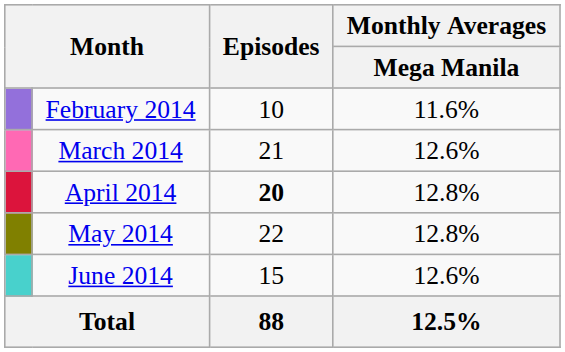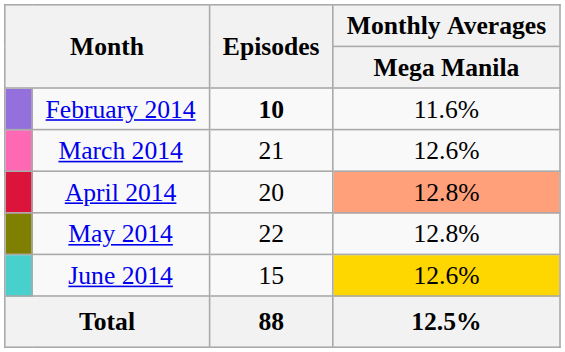 <table class="wikitable plainrowheaders" style="text-align: center; line-height:25px">
 <tr class="wikitable" style="text-align: center;">
 <th colspan="2" rowspan="2" style="padding: 0 8px;">Month</th>
 <th rowspan="2" style="padding: 0 8px;">Episodes</th>
 <th colspan="2" style="padding: 0 8px;">Monthly Averages</th>
 </tr>
 <tr>
 <th style="padding: 0 8px;">Mega Manila</th>
 </tr>
 <tr>
 <td style="padding: 0 8px; background:#9370DB;"></td>
 <td style="padding: 0 8px;" '><a href='#'>February 2014</a></td>
-<td style="padding: 0 8px;">10</td>
+<td style="padding: 0 8px;"><strong>10</strong></td>
 <td style="padding: 0 8px;">11.6%</td>
 </tr>
 <tr>
 <td style="padding: 0 8px; background:#FF69B4;"></td>
 <td style="padding: 0 8px;" '><a href='#'>March 2014</a></td>
 <td style="padding: 0 8px;">21</td>
 <td style="padding: 0 8px;">12.6%</td>
 </tr>
 <tr>
 <td style="padding: 0 8px; background:#DC143C;"></td>
 <td style="padding: 0 8px;" '><a href='#'>April 2014</a></td>
-<td style="padding: 0 8px;"><strong>20</strong></td>
-<td style="padding: 0 8px;">12.8%</td>
+<td style="padding: 0 8px;">20</td>
+<td style="background: lightsalmon; padding: 0 8px;">12.8%</td>
 </tr>
 <tr>
 <td style="padding: 0 8px; background:#808000;"></td>
 <td style="padding: 0 8px;" '><a href='#'>May 2014</a></td>
 <td style="padding: 0 8px;">22</td>
 <td style="padding: 0 8px;">12.8%</td>
 </tr>
 <tr>
 <td style="padding: 0 8px; background:#48D1CC;"></td>
 <td style="padding: 0 8px;" '><a href='#'>June 2014</a></td>
 <td style="padding: 0 8px;">15</td>
-<td style="padding: 0 8px;">12.6%</td>
+<td style="background: gold; padding: 0 8px;">12.6%</td>
 </tr>
 <tr>
 <th colspan="2">Total</th>
 <th colspan="1">88</th>
 <th colspan="2">12.5%</th>
 </tr>
 </table>
